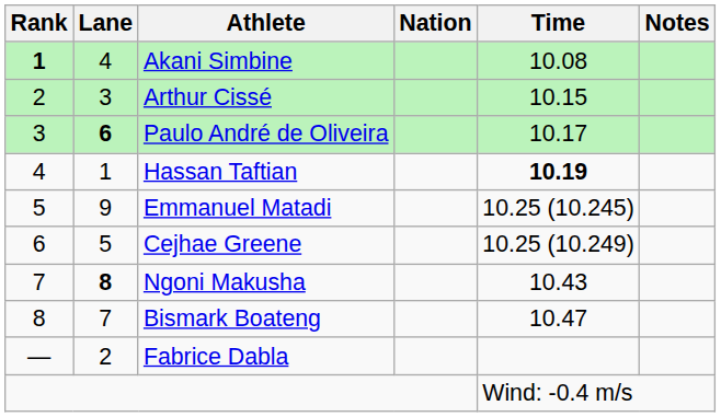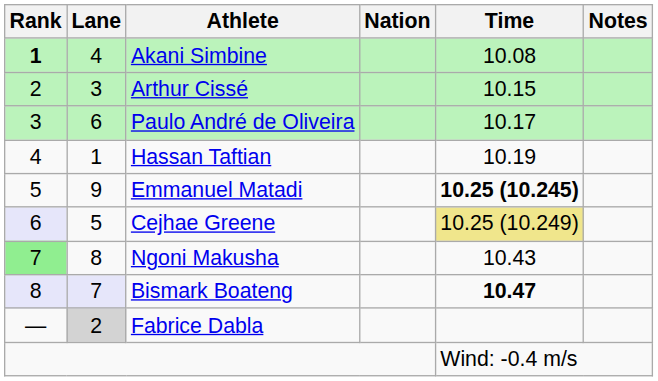 <table class="wikitable sortable" style="text-align:center;">
 <tr>
 <th>Rank</th>
 <th>Lane</th>
 <th>Athlete</th>
 <th>Nation</th>
 <th>Time</th>
 <th>Notes</th>
 </tr>
 <tr bgcolor=#bbf3bb>
 <td><strong>1</strong></td>
 <td>4</td>
 <td align="left"><a href='#'>Akani Simbine</a></td>
 <td align="left"></td>
 <td>10.08</td>
 <td></td>
 </tr>
 <tr bgcolor=#bbf3bb>
 <td>2</td>
 <td>3</td>
 <td align="left"><a href='#'>Arthur Cissé</a></td>
 <td align="left"></td>
 <td>10.15</td>
 <td></td>
 </tr>
 <tr bgcolor=#bbf3bb>
 <td>3</td>
-<td><strong>6</strong></td>
+<td>6</td>
 <td align="left"><a href='#'>Paulo André de Oliveira</a></td>
 <td align="left"></td>
 <td>10.17</td>
 <td></td>
 </tr>
 <tr>
 <td>4</td>
 <td>1</td>
 <td align="left"><a href='#'>Hassan Taftian</a></td>
 <td align="left"></td>
-<td><strong>10.19</strong></td>
+<td>10.19</td>
 <td></td>
 </tr>
 <tr>
 <td>5</td>
 <td>9</td>
 <td align="left"><a href='#'>Emmanuel Matadi</a></td>
 <td align="left"></td>
-<td>10.25 (10.245)</td>
+<td><strong>10.25 (10.245)</strong></td>
 <td></td>
 </tr>
 <tr>
-<td>6</td>
+<td style="background: lavender;">6</td>
 <td>5</td>
 <td align="left"><a href='#'>Cejhae Greene</a></td>
 <td align="left"></td>
-<td>10.25 (10.249)</td>
+<td style="background: khaki;">10.25 (10.249)</td>
 <td></td>
 </tr>
 <tr>
-<td>7</td>
-<td><strong>8</strong></td>
+<td style="background: lightgreen;">7</td>
+<td>8</td>
 <td align="left"><a href='#'>Ngoni Makusha</a></td>
 <td align="left"></td>
 <td>10.43</td>
 <td></td>
 </tr>
 <tr>
-<td>8</td>
-<td>7</td>
+<td style="background: lavender;">8</td>
+<td style="background: lavender;">7</td>
 <td align="left"><a href='#'>Bismark Boateng</a></td>
 <td align="left"></td>
-<td>10.47</td>
+<td><strong>10.47</strong></td>
 <td></td>
 </tr>
 <tr>
 <td data-sort-value=9>—</td>
-<td>2</td>
+<td style="background: lightgrey;">2</td>
 <td align="left"><a href='#'>Fabrice Dabla</a></td>
 <td align="left"></td>
 <td data-sort-value=99.99></td>
 <td></td>
 </tr>
 <tr class="sortbottom">
 <td colspan=4></td>
 <td colspan="3" style="text-align:left;">Wind: -0.4 m/s</td>
 </tr>
 </table>
